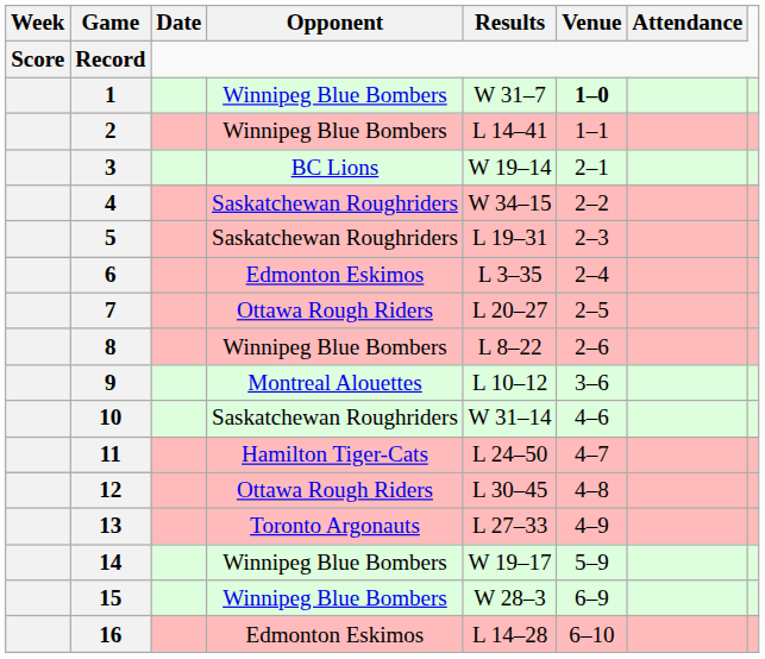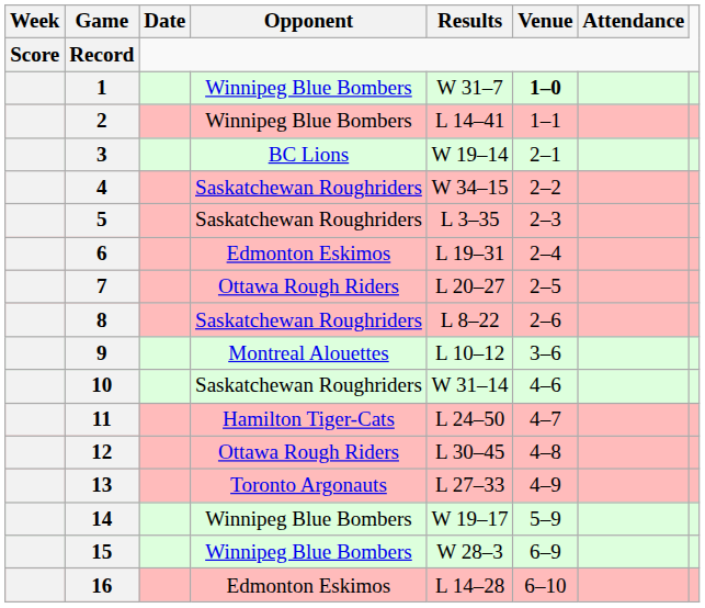 <table class="wikitable" style="text-align:center">
 <tr>
 <th>Week</th>
 <th>Game</th>
 <th>Date</th>
 <th>Opponent</th>
 <th>Results</th>
 <th>Venue</th>
 <th>Attendance</th>
 </tr>
 <tr>
 <th>Score</th>
 <th>Record</th>
 </tr>
 <tr style="background:#ddffdd">
 <th></th>
 <th>1</th>
 <td></td>
 <td><a href='#'>Winnipeg Blue Bombers</a></td>
 <td>W 31–7</td>
 <td><strong>1–0</strong></td>
 <td></td>
 <td></td>
 </tr>
 <tr style="background:#ffbbbb">
 <th></th>
 <th>2</th>
 <td></td>
 <td>Winnipeg Blue Bombers</td>
 <td>L 14–41</td>
 <td>1–1</td>
 <td></td>
 <td></td>
 </tr>
 <tr style="background:#ddffdd">
 <th></th>
 <th>3</th>
 <td></td>
 <td><a href='#'>BC Lions</a></td>
 <td>W 19–14</td>
 <td>2–1</td>
 <td></td>
 <td></td>
 </tr>
 <tr style="background:#ffbbbb">
 <th></th>
 <th>4</th>
 <td></td>
 <td><a href='#'>Saskatchewan Roughriders</a></td>
 <td>W 34–15</td>
 <td>2–2</td>
 <td></td>
 <td></td>
 </tr>
 <tr style="background:#ffbbbb">
 <th></th>
 <th>5</th>
 <td></td>
 <td>Saskatchewan Roughriders</td>
-<td>L 19–31</td>
+<td>L 3–35</td>
 <td>2–3</td>
 <td></td>
 <td></td>
 </tr>
 <tr style="background:#ffbbbb">
 <th></th>
 <th>6</th>
 <td></td>
 <td><a href='#'>Edmonton Eskimos</a></td>
-<td>L 3–35</td>
+<td>L 19–31</td>
 <td>2–4</td>
 <td></td>
 <td></td>
 </tr>
 <tr style="background:#ffbbbb">
 <th></th>
 <th>7</th>
 <td></td>
 <td><a href='#'>Ottawa Rough Riders</a></td>
 <td>L 20–27</td>
 <td>2–5</td>
 <td></td>
 <td></td>
 </tr>
 <tr style="background:#ffbbbb">
 <th></th>
 <th>8</th>
 <td></td>
-<td>Winnipeg Blue Bombers</td>
+<td><a href='#'>Saskatchewan Roughriders</a></td>
 <td>L 8–22</td>
 <td>2–6</td>
 <td></td>
 <td></td>
 </tr>
 <tr style="background:#ddffdd">
 <th></th>
 <th>9</th>
 <td></td>
 <td><a href='#'>Montreal Alouettes</a></td>
 <td>L 10–12</td>
 <td>3–6</td>
 <td></td>
 <td></td>
 </tr>
 <tr style="background:#ddffdd">
 <th></th>
 <th>10</th>
 <td></td>
 <td>Saskatchewan Roughriders</td>
 <td>W 31–14</td>
 <td>4–6</td>
 <td></td>
 <td></td>
 </tr>
 <tr style="background:#ffbbbb">
 <th></th>
 <th>11</th>
 <td></td>
 <td><a href='#'>Hamilton Tiger-Cats</a></td>
 <td>L 24–50</td>
 <td>4–7</td>
 <td></td>
 <td></td>
 </tr>
 <tr style="background:#ffbbbb">
 <th></th>
 <th>12</th>
 <td></td>
 <td><a href='#'>Ottawa Rough Riders</a></td>
 <td>L 30–45</td>
 <td>4–8</td>
 <td></td>
 <td></td>
 </tr>
 <tr style="background:#ffbbbb">
 <th></th>
 <th>13</th>
 <td></td>
 <td><a href='#'>Toronto Argonauts</a></td>
 <td>L 27–33</td>
 <td>4–9</td>
 <td></td>
 <td></td>
 </tr>
 <tr style="background:#ddffdd">
 <th></th>
 <th>14</th>
 <td></td>
 <td>Winnipeg Blue Bombers</td>
 <td>W 19–17</td>
 <td>5–9</td>
 <td></td>
 <td></td>
 </tr>
 <tr style="background:#ddffdd">
 <th></th>
 <th>15</th>
 <td></td>
 <td><a href='#'>Winnipeg Blue Bombers</a></td>
 <td>W 28–3</td>
 <td>6–9</td>
 <td></td>
 <td></td>
 </tr>
 <tr style="background:#ffbbbb">
 <th></th>
 <th>16</th>
 <td></td>
 <td>Edmonton Eskimos</td>
 <td>L 14–28</td>
 <td>6–10</td>
 <td></td>
 <td></td>
 </tr>
 </table>
